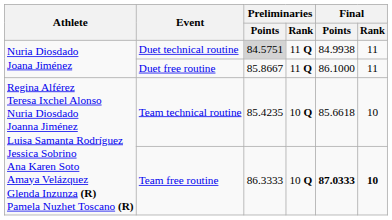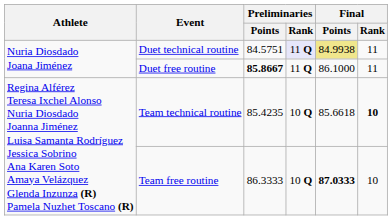 <table class=wikitable style="font-size:90%">
 <tr>
 <th rowspan="2">Athlete</th>
 <th rowspan="2">Event</th>
 <th colspan="2">Preliminaries</th>
 <th colspan="2">Final</th>
 </tr>
 <tr style="font-size:95%">
 <th>Points</th>
 <th>Rank</th>
 <th>Points</th>
 <th>Rank</th>
 </tr>
 <tr align=center>
 <td align=left rowspan=2><a href='#'>Nuria Diosdado</a><br><a href='#'>Joana Jiménez</a></td>
 <td align=left><a href='#'>Duet technical routine</a></td>
-<td style="background: lightgrey;">84.5751</td>
-<td>11 <strong>Q</strong></td>
-<td>84.9938</td>
+<td>84.5751</td>
+<td style="background: lavender;">11 <strong>Q</strong></td>
+<td style="background: khaki;">84.9938</td>
 <td>11</td>
 </tr>
 <tr align=center>
 <td align=left><a href='#'>Duet free routine</a></td>
-<td>85.8667</td>
+<td><strong>85.8667</strong></td>
 <td>11 <strong>Q</strong></td>
 <td>86.1000</td>
 <td>11</td>
 </tr>
 <tr align=center>
 <td align=left rowspan=2><a href='#'>Regina Alférez</a><br><a href='#'>Teresa Ixchel Alonso</a><br><a href='#'>Nuria Diosdado</a><br><a href='#'>Joanna Jiménez</a><br><a href='#'>Luisa Samanta Rodríguez</a><br><a href='#'>Jessica Sobrino</a><br><a href='#'>Ana Karen Soto</a><br><a href='#'>Amaya Velázquez</a><br><a href='#'>Glenda Inzunza</a> <strong>(R)</strong><br><a href='#'>Pamela Nuzhet Toscano</a> <strong>(R)</strong></td>
 <td align=left><a href='#'>Team technical routine</a></td>
 <td>85.4235</td>
 <td>10 <strong>Q</strong></td>
 <td>85.6618</td>
-<td>10</td>
+<td><strong>10</strong></td>
 </tr>
 <tr align=center>
 <td align=left><a href='#'>Team free routine</a></td>
 <td>86.3333</td>
 <td>10 <strong>Q</strong></td>
 <td><strong>87.0333</strong></td>
-<td><strong>10</strong></td>
+<td>10</td>
 </tr>
 </table>
